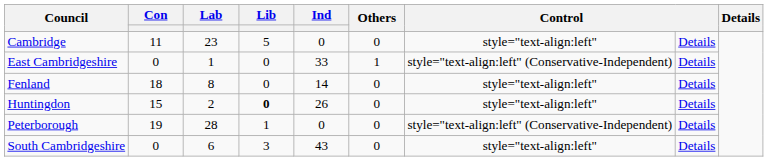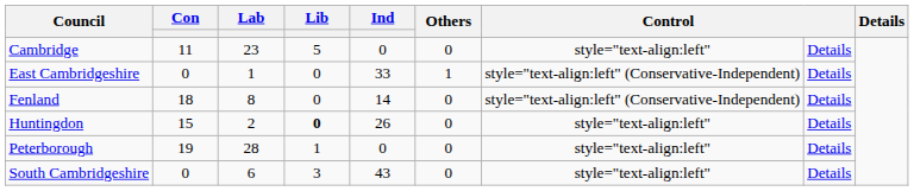 <table class="wikitable" style="text-align:center;">
 <tr>
 <th rowspan=2>Council</th>
 <th style="width:60px;"><a href='#'>Con</a></th>
 <th style="width:60px;"><a href='#'>Lab</a></th>
 <th style="width:60px;"><a href='#'>Lib</a></th>
 <th style="width:60px;"><a href='#'>Ind</a></th>
 <th style="width:60px;" rowspan=2>Others</th>
 <th rowspan=2 colspan=2>Control</th>
 <th rowspan=2>Details</th>
 </tr>
 <tr>
 <th style="background:"></th>
 <th style="background:"></th>
 <th style="background:"></th>
 <th style="background:"></th>
 </tr>
 <tr>
 <td style="text-align:left"><a href='#'>Cambridge</a></td>
 <td>11</td>
 <td>23</td>
 <td>5</td>
 <td>0</td>
 <td>0</td>
 <td>style="text-align:left" </td>
 <td style="text-align:left"><a href='#'>Details</a></td>
 </tr>
 <tr>
 <td style="text-align:left"><a href='#'>East Cambridgeshire</a></td>
 <td>0</td>
 <td>1</td>
 <td>0</td>
 <td>33</td>
 <td>1</td>
 <td>style="text-align:left"  (Conservative-Independent)</td>
 <td style="text-align:left"><a href='#'>Details</a></td>
 </tr>
 <tr>
 <td style="text-align:left"><a href='#'>Fenland</a></td>
 <td>18</td>
 <td>8</td>
 <td>0</td>
 <td>14</td>
 <td>0</td>
-<td>style="text-align:left" </td>
+<td>style="text-align:left"  (Conservative-Independent)</td>
 <td style="text-align:left"><a href='#'>Details</a></td>
 </tr>
 <tr>
 <td style="text-align:left"><a href='#'>Huntingdon</a></td>
 <td>15</td>
 <td>2</td>
 <td><strong>0</strong></td>
 <td>26</td>
 <td>0</td>
 <td>style="text-align:left" </td>
 <td style="text-align:left"><a href='#'>Details</a></td>
 </tr>
 <tr>
 <td style="text-align:left"><a href='#'>Peterborough</a></td>
 <td>19</td>
 <td>28</td>
 <td>1</td>
 <td>0</td>
 <td>0</td>
-<td>style="text-align:left"  (Conservative-Independent)</td>
+<td>style="text-align:left" </td>
 <td style="text-align:left"><a href='#'>Details</a></td>
 </tr>
 <tr>
 <td style="text-align:left"><a href='#'>South Cambridgeshire</a></td>
 <td>0</td>
 <td>6</td>
 <td>3</td>
 <td>43</td>
 <td>0</td>
 <td>style="text-align:left" </td>
 <td style="text-align:left"><a href='#'>Details</a></td>
 </tr>
 </table>
